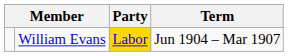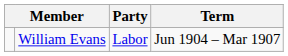 <table class="wikitable">
 <tr>
 <th colspan="2">Member</th>
 <th>Party</th>
 <th>Term</th>
 </tr>
 <tr>
 <td> </td>
 <td><a href='#'>William Evans</a></td>
-<td style="background: gold;"><a href='#'>Labor</a></td>
+<td><a href='#'>Labor</a></td>
 <td>Jun 1904 – Mar 1907</td>
 </tr>
 </table>
